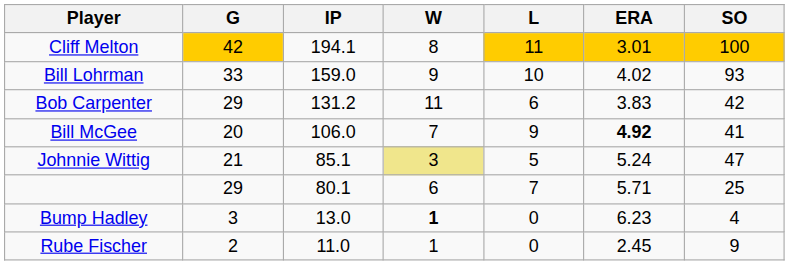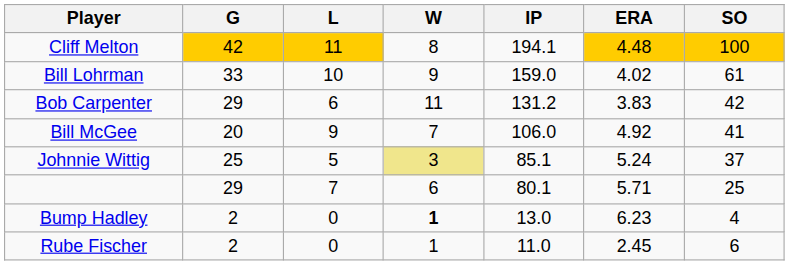 <table class="wikitable sortable">
 <tr>
 <th bgcolor="#DDDDFF" width="16%">Player</th>
 <th bgcolor="#DDDDFF" width="9%">G</th>
+<th bgcolor="#DDDDFF" width="9%">L</th>
+<th bgcolor="#DDDDFF" width="9%">W</th>
 <th bgcolor="#DDDDFF" width="9%">IP</th>
-<th bgcolor="#DDDDFF" width="9%">W</th>
-<th bgcolor="#DDDDFF" width="9%">L</th>
 <th bgcolor="#DDDDFF" width="9%">ERA</th>
 <th bgcolor="#DDDDFF" width="9%">SO</th>
 </tr>
 <tr align="center">
 <td><a href='#'>Cliff Melton</a></td>
 <td style="background:#fc0;">42</td>
+<td style="background:#fc0;">11</td>
+<td>8</td>
 <td>194.1</td>
-<td>8</td>
-<td style="background:#fc0;">11</td>
-<td style="background:#fc0;">3.01</td>
+<td style="background:#fc0;">4.48</td>
 <td style="background:#fc0;">100</td>
 </tr>
 <tr align="center">
 <td><a href='#'>Bill Lohrman</a></td>
 <td>33</td>
+<td>10</td>
+<td>9</td>
 <td>159.0</td>
-<td>9</td>
-<td>10</td>
 <td>4.02</td>
-<td>93</td>
+<td>61</td>
 </tr>
 <tr align="center">
 <td><a href='#'>Bob Carpenter</a></td>
 <td>29</td>
+<td>6</td>
+<td>11</td>
 <td>131.2</td>
-<td>11</td>
-<td>6</td>
 <td>3.83</td>
 <td>42</td>
 </tr>
 <tr align="center">
 <td><a href='#'>Bill McGee</a></td>
 <td>20</td>
+<td>9</td>
+<td>7</td>
 <td>106.0</td>
-<td>7</td>
-<td>9</td>
-<td><strong>4.92</strong></td>
+<td>4.92</td>
 <td>41</td>
 </tr>
 <tr align="center">
 <td><a href='#'>Johnnie Wittig</a></td>
-<td>21</td>
+<td>25</td>
+<td>5</td>
+<td style="background: khaki;">3</td>
 <td>85.1</td>
-<td style="background: khaki;">3</td>
-<td>5</td>
 <td>5.24</td>
-<td>47</td>
+<td>37</td>
 </tr>
 <tr align="center">
 <td></td>
 <td>29</td>
+<td>7</td>
+<td>6</td>
 <td>80.1</td>
-<td>6</td>
-<td>7</td>
 <td>5.71</td>
 <td>25</td>
 </tr>
 <tr align="center">
 <td><a href='#'>Bump Hadley</a></td>
-<td>3</td>
+<td>2</td>
+<td>0</td>
+<td><strong>1</strong></td>
 <td>13.0</td>
-<td><strong>1</strong></td>
-<td>0</td>
 <td>6.23</td>
 <td>4</td>
 </tr>
 <tr align="center">
 <td><a href='#'>Rube Fischer</a></td>
 <td>2</td>
+<td>0</td>
+<td>1</td>
 <td>11.0</td>
-<td>1</td>
-<td>0</td>
 <td>2.45</td>
-<td>9</td>
+<td>6</td>
 </tr>
 </table>
